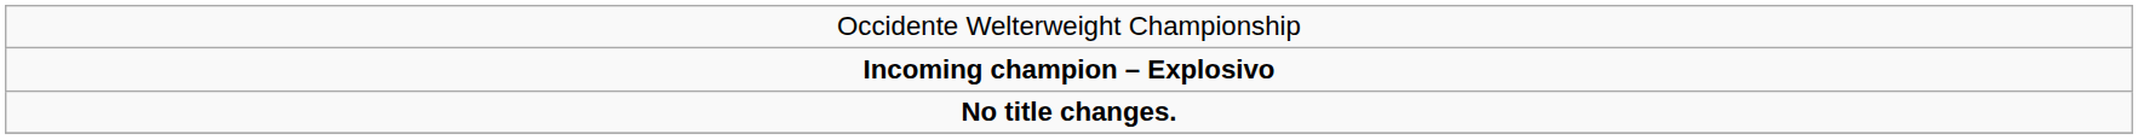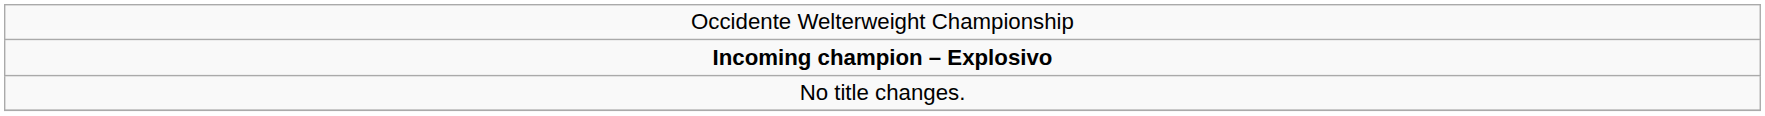 <table class="wikitable" style="text-align:center; width:100%;">
 <tr>
 <td colspan="4" style="text-align: center;">Occidente Welterweight Championship</td>
 </tr>
 <tr>
 <td colspan="4" style="text-align: center;"><strong>Incoming champion – Explosivo</strong></td>
 </tr>
 <tr>
-<td><strong>No title changes.</strong></td>
+<td>No title changes.</td>
 </tr>
 <tr>
 </tr>
 </table>
